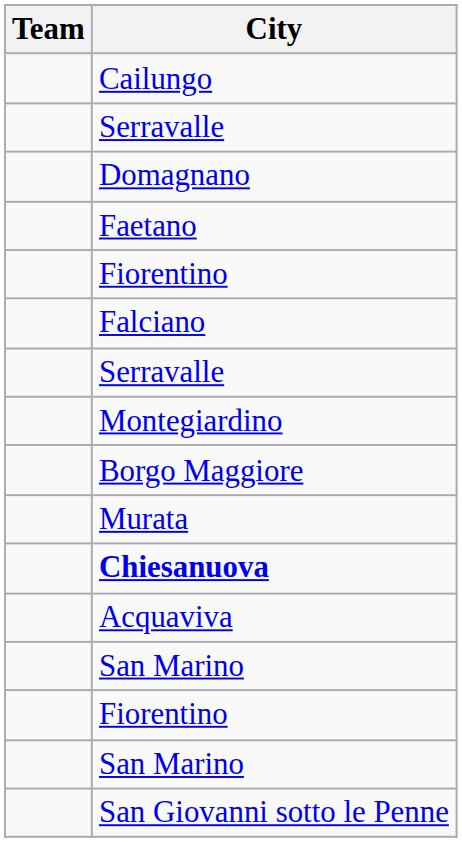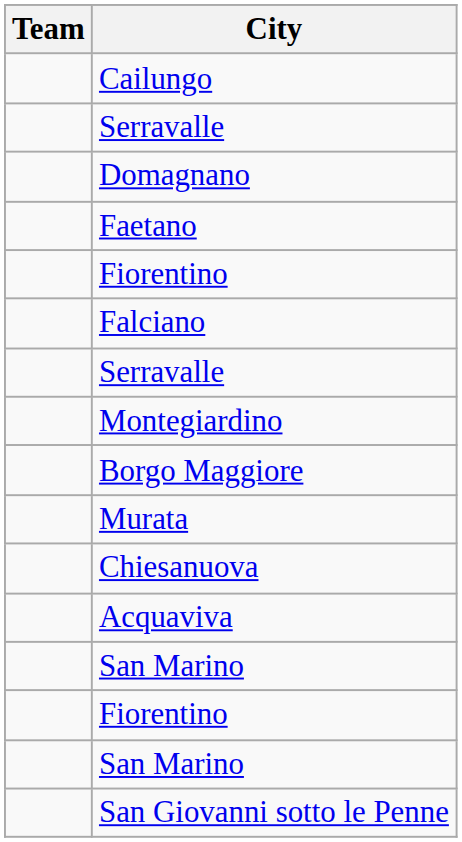 <table class="wikitable sortable">
 <tr>
 <th>Team</th>
 <th>City</th>
 </tr>
 <tr>
 <td></td>
 <td><a href='#'>Cailungo</a></td>
 </tr>
 <tr>
 <td></td>
 <td><a href='#'>Serravalle</a></td>
 </tr>
 <tr>
 <td></td>
 <td><a href='#'>Domagnano</a></td>
 </tr>
 <tr>
 <td></td>
 <td><a href='#'>Faetano</a></td>
 </tr>
 <tr>
 <td></td>
 <td><a href='#'>Fiorentino</a></td>
 </tr>
 <tr>
 <td></td>
 <td><a href='#'>Falciano</a></td>
 </tr>
 <tr>
 <td></td>
 <td><a href='#'>Serravalle</a></td>
 </tr>
 <tr>
 <td></td>
 <td><a href='#'>Montegiardino</a></td>
 </tr>
 <tr>
 <td></td>
 <td><a href='#'>Borgo Maggiore</a></td>
 </tr>
 <tr>
 <td></td>
 <td><a href='#'>Murata</a></td>
 </tr>
 <tr>
 <td></td>
-<td><strong><a href='#'>Chiesanuova</a></strong></td>
+<td><a href='#'>Chiesanuova</a></td>
 </tr>
 <tr>
 <td></td>
 <td><a href='#'>Acquaviva</a></td>
 </tr>
 <tr>
 <td></td>
 <td><a href='#'>San Marino</a></td>
 </tr>
 <tr>
 <td></td>
 <td><a href='#'>Fiorentino</a></td>
 </tr>
 <tr>
 <td></td>
 <td><a href='#'>San Marino</a></td>
 </tr>
 <tr>
 <td></td>
 <td><a href='#'>San Giovanni sotto le Penne</a></td>
 </tr>
 </table>
